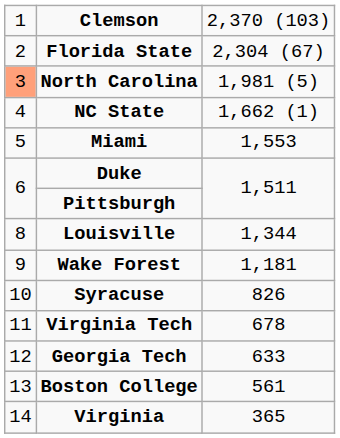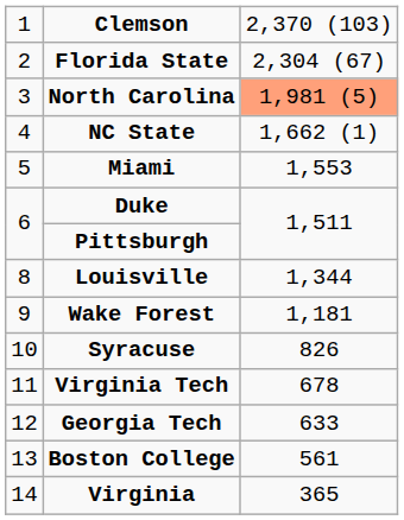 <table class="wikitable" style="display: inline-table; text-align:center;">
 <tr align="center">
 <td>1</td>
 <td><strong>Clemson</strong></td>
 <td>2,370 (103)</td>
 </tr>
 <tr>
 <td>2</td>
 <td><strong>Florida State</strong></td>
 <td>2,304 (67)</td>
 </tr>
 <tr>
-<td style="background: lightsalmon;">3</td>
+<td>3</td>
 <td><strong>North Carolina</strong></td>
-<td>1,981 (5)</td>
+<td style="background: lightsalmon;">1,981 (5)</td>
 </tr>
 <tr>
 <td>4</td>
 <td><strong>NC State</strong></td>
 <td>1,662 (1)</td>
 </tr>
 <tr>
 <td>5</td>
 <td><strong>Miami</strong></td>
 <td>1,553</td>
 </tr>
 <tr>
 <td rowspan=2>6</td>
 <td><strong>Duke</strong></td>
 <td rowspan=2>1,511</td>
 </tr>
 <tr>
 <td><strong>Pittsburgh</strong></td>
 </tr>
 <tr>
 <td>8</td>
 <td><strong>Louisville</strong></td>
 <td>1,344</td>
 </tr>
 <tr>
 <td>9</td>
 <td><strong>Wake Forest</strong></td>
 <td>1,181</td>
 </tr>
 <tr>
 <td>10</td>
 <td><strong>Syracuse</strong></td>
 <td>826</td>
 </tr>
 <tr>
 <td>11</td>
 <td><strong>Virginia Tech</strong></td>
 <td>678</td>
 </tr>
 <tr>
 <td>12</td>
 <td><strong>Georgia Tech</strong></td>
 <td>633</td>
 </tr>
 <tr>
 <td>13</td>
 <td><strong>Boston College</strong></td>
 <td>561</td>
 </tr>
 <tr>
 <td>14</td>
 <td><strong>Virginia</strong></td>
 <td>365</td>
 </tr>
 </table>
